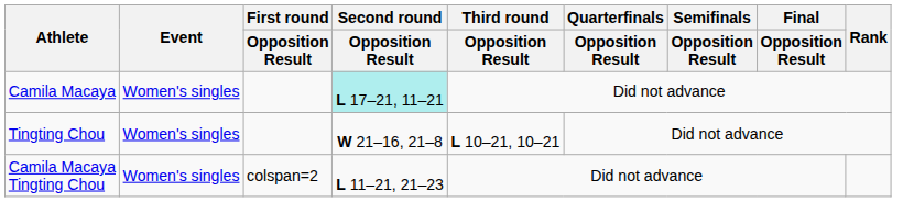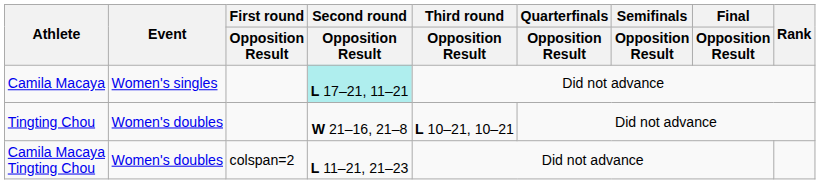 <table class="wikitable" style="font-size:90%">
 <tr>
 <th rowspan="2">Athlete</th>
 <th rowspan="2">Event</th>
 <th>First round</th>
 <th>Second round</th>
 <th>Third round</th>
 <th>Quarterfinals</th>
 <th>Semifinals</th>
 <th>Final</th>
 <th rowspan="2">Rank</th>
 </tr>
 <tr>
 <th>Opposition<br>Result</th>
 <th>Opposition<br>Result</th>
 <th>Opposition<br>Result</th>
 <th>Opposition<br>Result</th>
 <th>Opposition<br>Result</th>
 <th>Opposition<br>Result</th>
 </tr>
 <tr>
 <td><a href='#'>Camila Macaya</a></td>
 <td><a href='#'>Women's singles</a></td>
 <td></td>
 <td align=center style="background: paleturquoise;"><br><strong>L</strong> 17–21, 11–21</td>
 <td align=center colspan=5>Did not advance</td>
 </tr>
 <tr>
 <td><a href='#'>Tingting Chou</a></td>
-<td><a href='#'>Women's singles</a></td>
+<td><a href='#'>Women's doubles</a></td>
 <td></td>
 <td align=center><br><strong>W</strong> 21–16, 21–8</td>
 <td align=center><br><strong>L</strong> 10–21, 10–21</td>
 <td align=center colspan=4>Did not advance</td>
 </tr>
 <tr>
 <td><a href='#'>Camila Macaya</a><br><a href='#'>Tingting Chou</a></td>
-<td><a href='#'>Women's singles</a></td>
+<td><a href='#'>Women's doubles</a></td>
 <td>colspan=2 </td>
 <td align=center><br><strong>L</strong> 11–21, 21–23</td>
 <td align=center colspan=4>Did not advance</td>
 </tr>
 </table>
